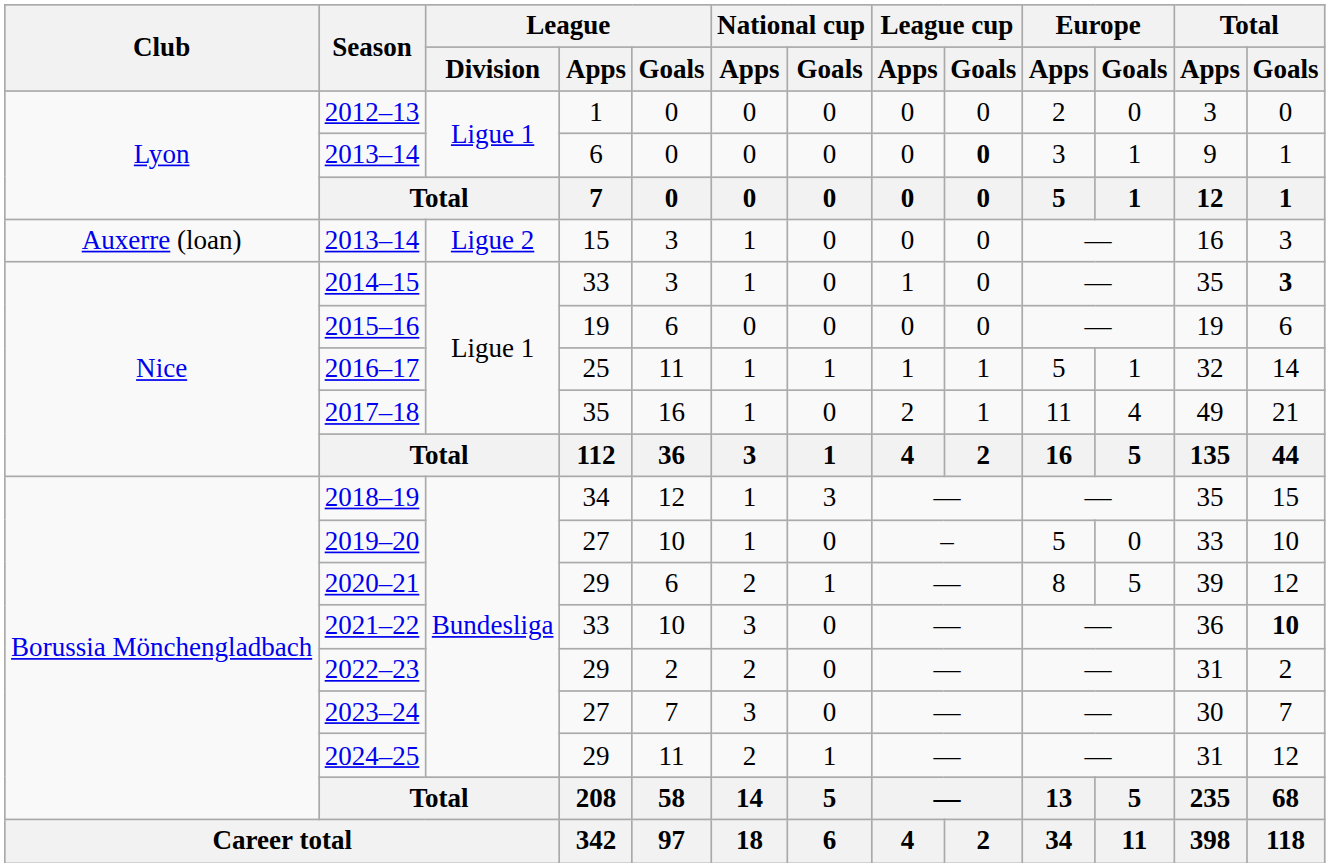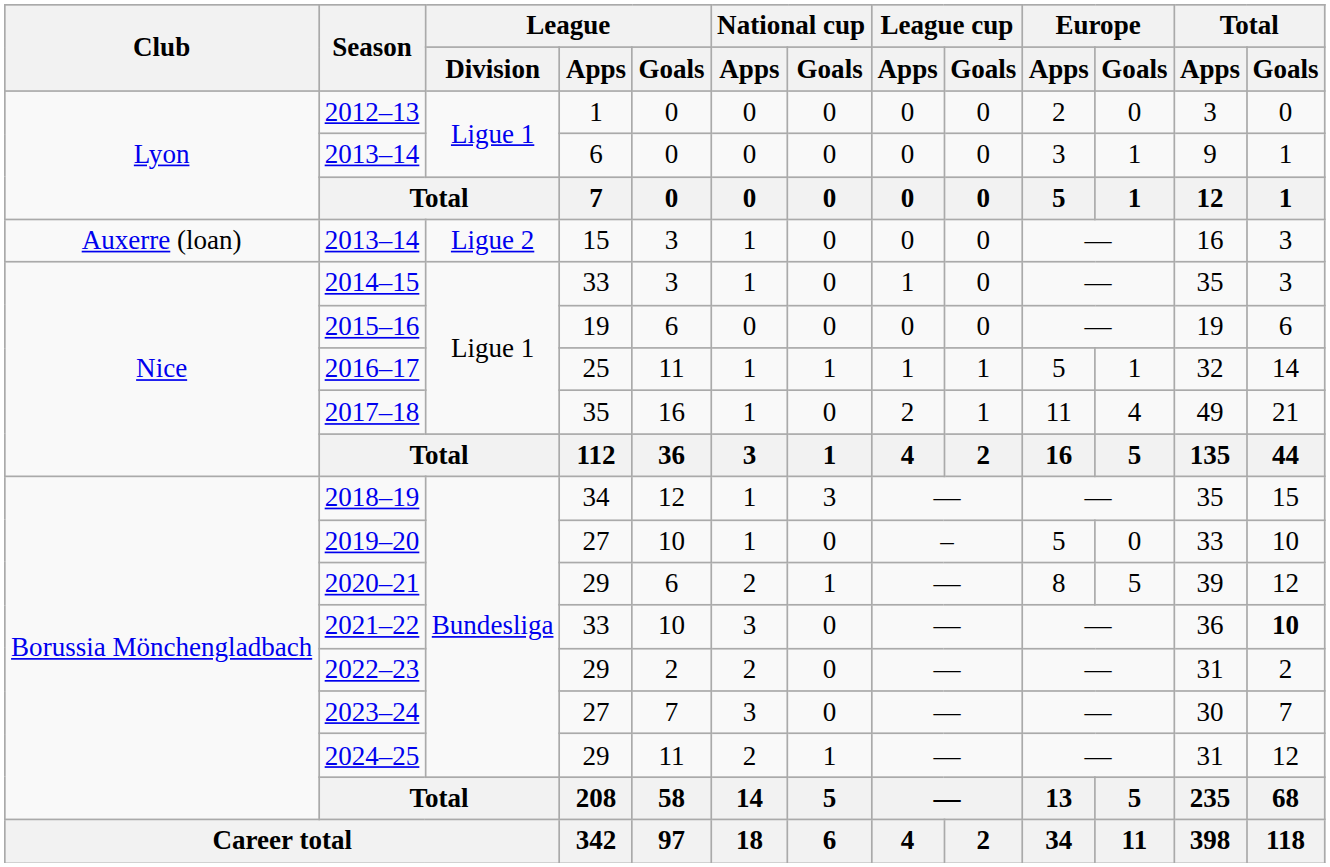 <table class="wikitable" style="text-align: center;">
 <tr>
 <th rowspan="2">Club</th>
 <th rowspan="2">Season</th>
 <th colspan="3">League</th>
 <th colspan="2">National cup</th>
 <th colspan="2">League cup</th>
 <th colspan="2">Europe</th>
 <th colspan="2">Total</th>
 </tr>
 <tr>
 <th>Division</th>
 <th>Apps</th>
 <th>Goals</th>
 <th>Apps</th>
 <th>Goals</th>
 <th>Apps</th>
 <th>Goals</th>
 <th>Apps</th>
 <th>Goals</th>
 <th>Apps</th>
 <th>Goals</th>
 </tr>
 <tr>
 <td rowspan="3"><a href='#'>Lyon</a></td>
 <td><a href='#'>2012–13</a></td>
 <td rowspan="2"><a href='#'>Ligue 1</a></td>
 <td>1</td>
 <td>0</td>
 <td>0</td>
 <td>0</td>
 <td>0</td>
 <td>0</td>
 <td>2</td>
 <td>0</td>
 <td>3</td>
 <td>0</td>
 </tr>
 <tr>
 <td><a href='#'>2013–14</a></td>
 <td>6</td>
 <td>0</td>
 <td>0</td>
 <td>0</td>
 <td>0</td>
-<td><strong>0</strong></td>
+<td>0</td>
 <td>3</td>
 <td>1</td>
 <td>9</td>
 <td>1</td>
 </tr>
 <tr>
 <th colspan="2">Total</th>
 <th>7</th>
 <th>0</th>
 <th>0</th>
 <th>0</th>
 <th>0</th>
 <th>0</th>
 <th>5</th>
 <th>1</th>
 <th>12</th>
 <th>1</th>
 </tr>
 <tr>
 <td><a href='#'>Auxerre</a> (loan)</td>
 <td><a href='#'>2013–14</a></td>
 <td><a href='#'>Ligue 2</a></td>
 <td>15</td>
 <td>3</td>
 <td>1</td>
 <td>0</td>
 <td>0</td>
 <td>0</td>
 <td colspan="2">—</td>
 <td>16</td>
 <td>3</td>
 </tr>
 <tr>
 <td rowspan="5"><a href='#'>Nice</a></td>
 <td><a href='#'>2014–15</a></td>
 <td rowspan="4">Ligue 1</td>
 <td>33</td>
 <td>3</td>
 <td>1</td>
 <td>0</td>
 <td>1</td>
 <td>0</td>
 <td colspan="2">—</td>
 <td>35</td>
-<td><strong>3</strong></td>
+<td>3</td>
 </tr>
 <tr>
 <td><a href='#'>2015–16</a></td>
 <td>19</td>
 <td>6</td>
 <td>0</td>
 <td>0</td>
 <td>0</td>
 <td>0</td>
 <td colspan="2">—</td>
 <td>19</td>
 <td>6</td>
 </tr>
 <tr>
 <td><a href='#'>2016–17</a></td>
 <td>25</td>
 <td>11</td>
 <td>1</td>
 <td>1</td>
 <td>1</td>
 <td>1</td>
 <td>5</td>
 <td>1</td>
 <td>32</td>
 <td>14</td>
 </tr>
 <tr>
 <td><a href='#'>2017–18</a></td>
 <td>35</td>
 <td>16</td>
 <td>1</td>
 <td>0</td>
 <td>2</td>
 <td>1</td>
 <td>11</td>
 <td>4</td>
 <td>49</td>
 <td>21</td>
 </tr>
 <tr>
 <th colspan="2">Total</th>
 <th>112</th>
 <th>36</th>
 <th>3</th>
 <th>1</th>
 <th>4</th>
 <th>2</th>
 <th>16</th>
 <th>5</th>
 <th>135</th>
 <th>44</th>
 </tr>
 <tr>
 <td rowspan="8"><a href='#'>Borussia Mönchengladbach</a></td>
 <td><a href='#'>2018–19</a></td>
 <td rowspan="7"><a href='#'>Bundesliga</a></td>
 <td>34</td>
 <td>12</td>
 <td>1</td>
 <td>3</td>
 <td colspan="2">—</td>
 <td colspan="2">—</td>
 <td>35</td>
 <td>15</td>
 </tr>
 <tr>
 <td><a href='#'>2019–20</a></td>
 <td>27</td>
 <td>10</td>
 <td>1</td>
 <td>0</td>
 <td colspan="2">–</td>
 <td>5</td>
 <td>0</td>
 <td>33</td>
 <td>10</td>
 </tr>
 <tr>
 <td><a href='#'>2020–21</a></td>
 <td>29</td>
 <td>6</td>
 <td>2</td>
 <td>1</td>
 <td colspan="2">—</td>
 <td>8</td>
 <td>5</td>
 <td>39</td>
 <td>12</td>
 </tr>
 <tr>
 <td><a href='#'>2021–22</a></td>
 <td>33</td>
 <td>10</td>
 <td>3</td>
 <td>0</td>
 <td colspan="2">—</td>
 <td colspan="2">—</td>
 <td>36</td>
 <td><strong>10</strong></td>
 </tr>
 <tr>
 <td><a href='#'>2022–23</a></td>
 <td>29</td>
 <td>2</td>
 <td>2</td>
 <td>0</td>
 <td colspan="2">—</td>
 <td colspan="2">—</td>
 <td>31</td>
 <td>2</td>
 </tr>
 <tr>
 <td><a href='#'>2023–24</a></td>
 <td>27</td>
 <td>7</td>
 <td>3</td>
 <td>0</td>
 <td colspan="2">—</td>
 <td colspan="2">—</td>
 <td>30</td>
 <td>7</td>
 </tr>
 <tr>
 <td><a href='#'>2024–25</a></td>
 <td>29</td>
 <td>11</td>
 <td>2</td>
 <td>1</td>
 <td colspan="2">—</td>
 <td colspan="2">—</td>
 <td>31</td>
 <td>12</td>
 </tr>
 <tr>
 <th colspan="2">Total</th>
 <th>208</th>
 <th>58</th>
 <th>14</th>
 <th>5</th>
 <th colspan="2">—</th>
 <th>13</th>
 <th>5</th>
 <th>235</th>
 <th>68</th>
 </tr>
 <tr>
 <th colspan="3">Career total</th>
 <th>342</th>
 <th>97</th>
 <th>18</th>
 <th>6</th>
 <th>4</th>
 <th>2</th>
 <th>34</th>
 <th>11</th>
 <th>398</th>
 <th>118</th>
 </tr>
 </table>
